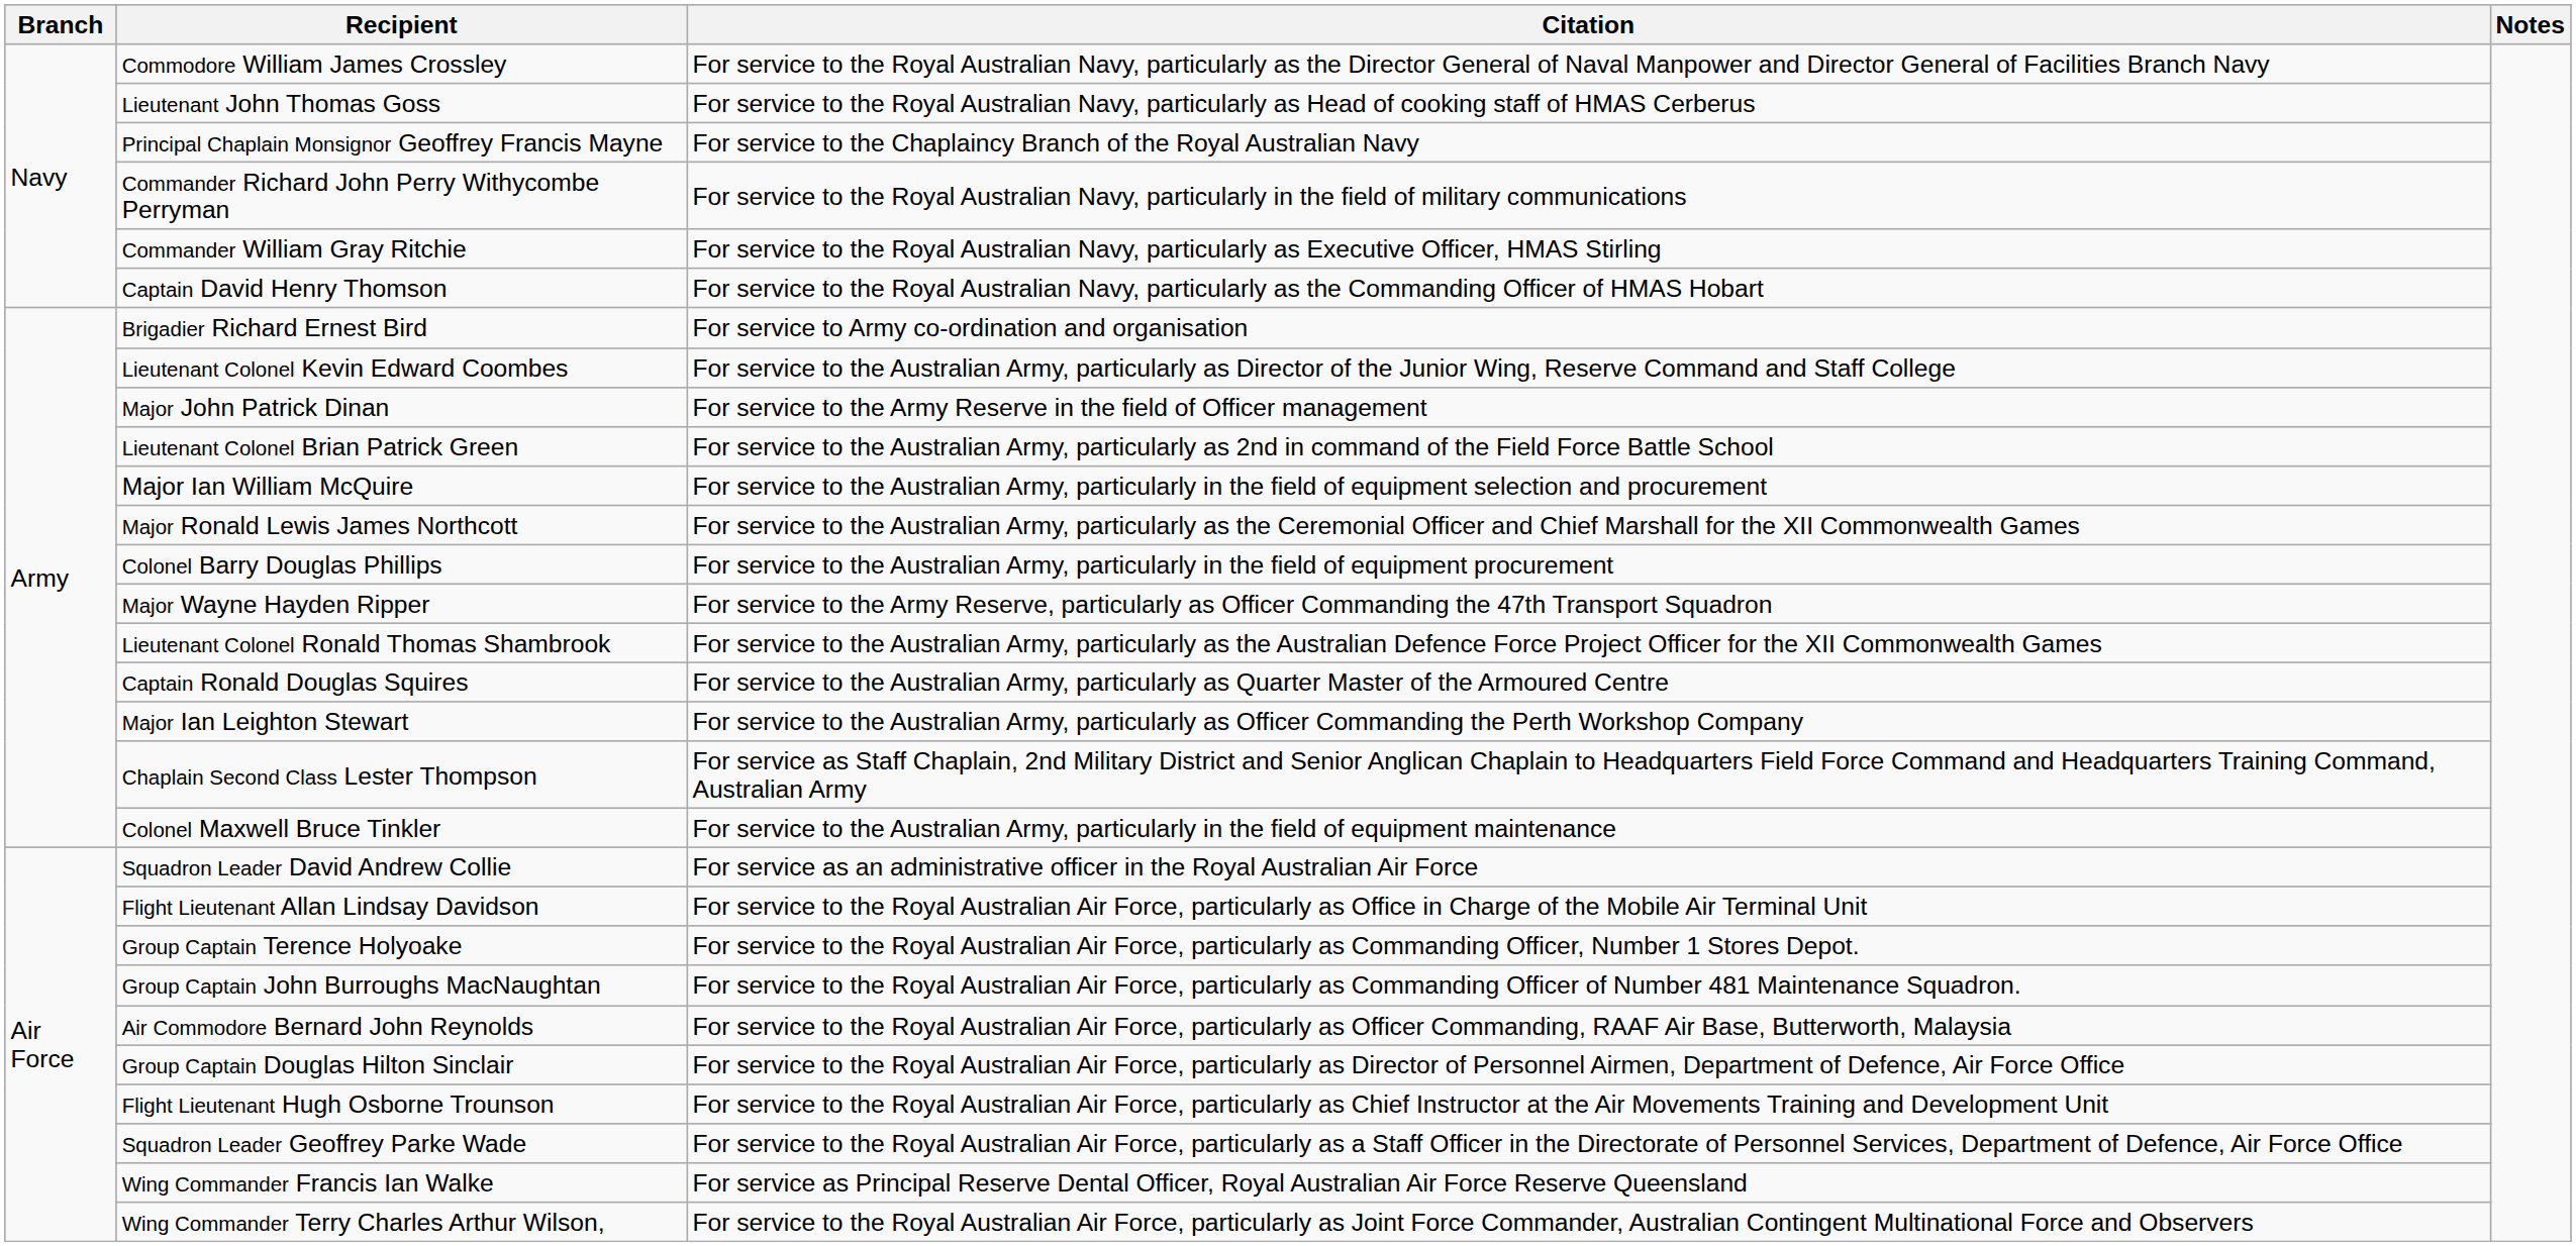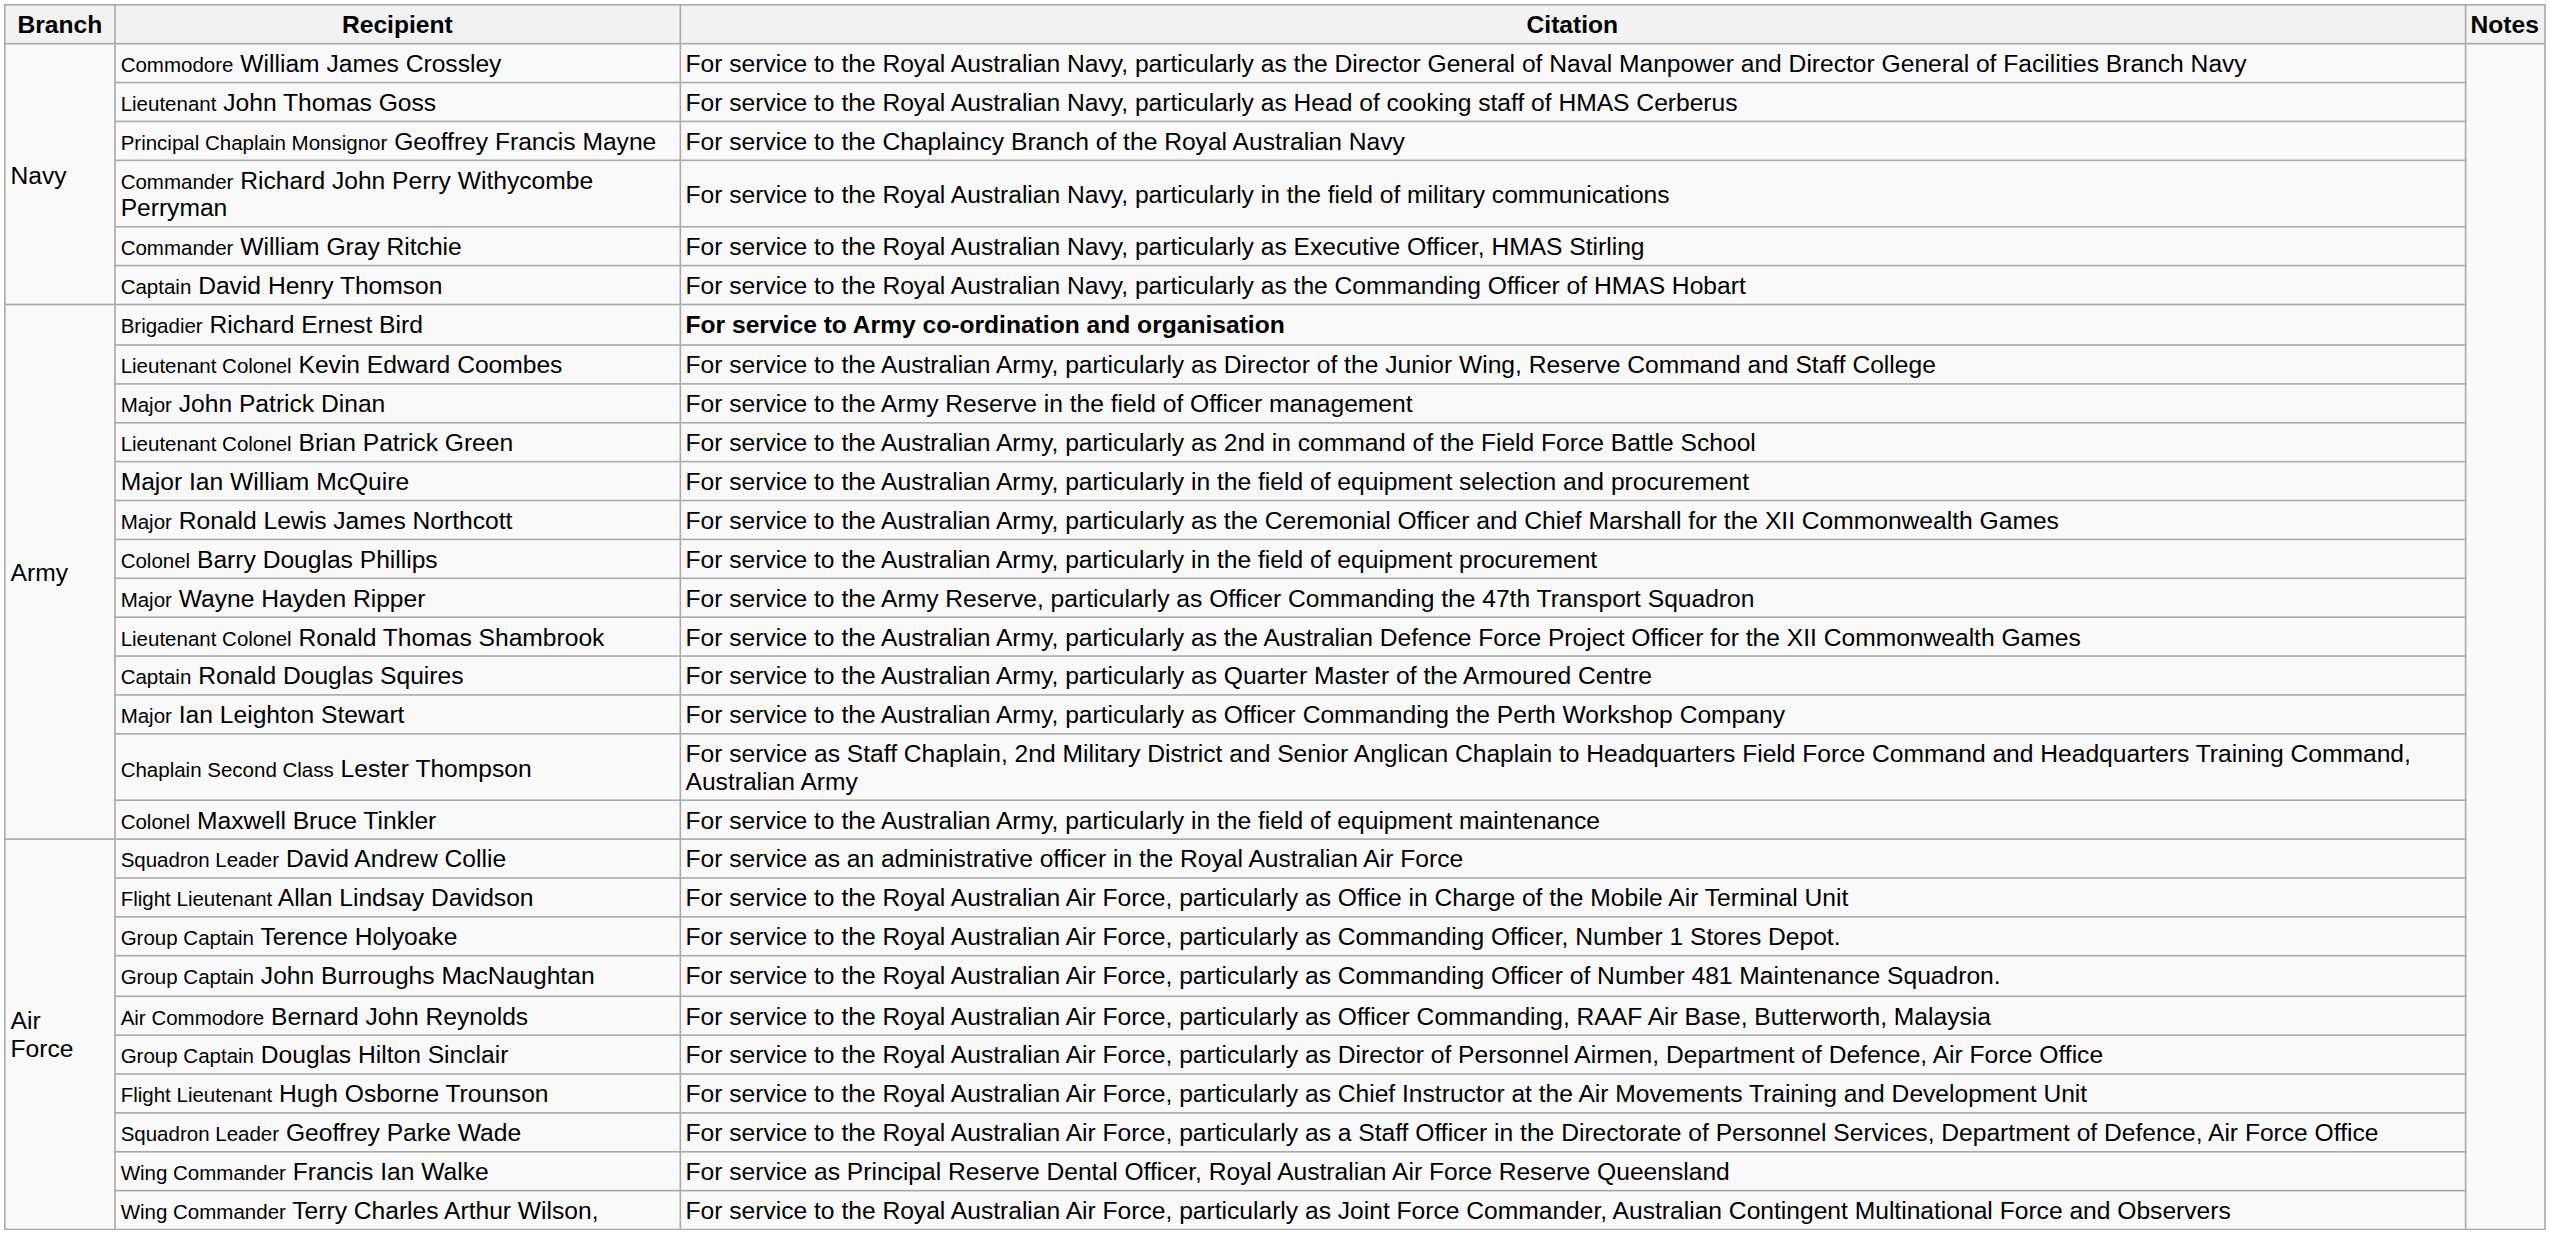 <table class="wikitable" style="font-size:95%;">
 <tr>
 <th>Branch</th>
 <th>Recipient</th>
 <th>Citation</th>
 <th>Notes</th>
 </tr>
 <tr>
 <td rowspan="6">Navy</td>
 <td><small>Commodore</small> William James Crossley</td>
 <td>For service to the Royal Australian Navy, particularly as the Director General of Naval Manpower and Director General of Facilities Branch Navy</td>
 <td rowspan="29"></td>
 </tr>
 <tr>
 <td><small>Lieutenant</small> John Thomas Goss</td>
 <td>For service to the Royal Australian Navy, particularly as Head of cooking staff of HMAS Cerberus</td>
 </tr>
 <tr>
 <td><small>Principal Chaplain Monsignor</small> Geoffrey Francis Mayne</td>
 <td>For service to the Chaplaincy Branch of the Royal Australian Navy</td>
 </tr>
 <tr>
 <td><small>Commander</small> Richard John Perry Withycombe Perryman</td>
 <td>For service to the Royal Australian Navy, particularly in the field of military communications</td>
 </tr>
 <tr>
 <td><small>Commander</small> William Gray Ritchie</td>
 <td>For service to the Royal Australian Navy, particularly as Executive Officer, HMAS Stirling</td>
 </tr>
 <tr>
 <td><small>Captain</small> David Henry Thomson</td>
 <td>For service to the Royal Australian Navy, particularly as the Commanding Officer of HMAS Hobart</td>
 </tr>
 <tr>
 <td rowspan="13">Army</td>
 <td><small>Brigadier</small> Richard Ernest Bird</td>
-<td>For service to Army co-ordination and organisation</td>
+<td><strong>For service to Army co-ordination and organisation</strong></td>
 </tr>
 <tr>
 <td><small>Lieutenant Colonel</small> Kevin Edward Coombes</td>
 <td>For service to the Australian Army, particularly as Director of the Junior Wing, Reserve Command and Staff College</td>
 </tr>
 <tr>
 <td><small>Major</small> John Patrick Dinan</td>
 <td>For service to the Army Reserve in the field of Officer management</td>
 </tr>
 <tr>
 <td><small>Lieutenant Colonel</small> Brian Patrick Green</td>
 <td>For service to the Australian Army, particularly as 2nd in command of the Field Force Battle School</td>
 </tr>
 <tr>
 <td>Major Ian William McQuire</td>
 <td>For service to the Australian Army, particularly in the field of equipment selection and procurement</td>
 </tr>
 <tr>
 <td><small>Major</small> Ronald Lewis James Northcott</td>
 <td>For service to the Australian Army, particularly as the Ceremonial Officer and Chief Marshall for the XII Commonwealth Games</td>
 </tr>
 <tr>
 <td><small>Colonel</small> Barry Douglas Phillips</td>
 <td>For service to the Australian Army, particularly in the field of equipment procurement</td>
 </tr>
 <tr>
 <td><small>Major</small> Wayne Hayden Ripper</td>
 <td>For service to the Army Reserve, particularly as Officer Commanding the 47th Transport Squadron</td>
 </tr>
 <tr>
 <td><small>Lieutenant Colonel</small> Ronald Thomas Shambrook</td>
 <td>For service to the Australian Army, particularly as the Australian Defence Force Project Officer for the XII Commonwealth Games</td>
 </tr>
 <tr>
 <td><small>Captain</small> Ronald Douglas Squires</td>
 <td>For service to the Australian Army, particularly as Quarter Master of the Armoured Centre</td>
 </tr>
 <tr>
 <td><small>Major</small> Ian Leighton Stewart</td>
 <td>For service to the Australian Army, particularly as Officer Commanding the Perth Workshop Company</td>
 </tr>
 <tr>
 <td><small>Chaplain Second Class</small> Lester Thompson</td>
 <td>For service as Staff Chaplain, 2nd Military District and Senior Anglican Chaplain to Headquarters Field Force Command and Headquarters Training Command, Australian Army</td>
 </tr>
 <tr>
 <td><small>Colonel</small> Maxwell Bruce Tinkler</td>
 <td>For service to the Australian Army, particularly in the field of equipment maintenance</td>
 </tr>
 <tr>
 <td rowspan="10">Air Force</td>
 <td><small>Squadron Leader</small> David Andrew Collie</td>
 <td>For service as an administrative officer in the Royal Australian Air Force</td>
 </tr>
 <tr>
 <td><small>Flight Lieutenant</small> Allan Lindsay Davidson</td>
 <td>For service to the Royal Australian Air Force, particularly as Office in Charge of the Mobile Air Terminal Unit</td>
 </tr>
 <tr>
 <td><small>Group Captain</small> Terence Holyoake</td>
 <td>For service to the Royal Australian Air Force, particularly as Commanding Officer, Number 1 Stores Depot.</td>
 </tr>
 <tr>
 <td><small>Group Captain</small> John Burroughs MacNaughtan</td>
 <td>For service to the Royal Australian Air Force, particularly as Commanding Officer of Number 481 Maintenance Squadron.</td>
 </tr>
 <tr>
 <td><small>Air Commodore</small> Bernard John Reynolds</td>
 <td>For service to the Royal Australian Air Force, particularly as Officer Commanding, RAAF Air Base, Butterworth, Malaysia</td>
 </tr>
 <tr>
 <td><small>Group Captain</small> Douglas Hilton Sinclair</td>
 <td>For service to the Royal Australian Air Force, particularly as Director of Personnel Airmen, Department of Defence, Air Force Office</td>
 </tr>
 <tr>
 <td><small>Flight Lieutenant</small> Hugh Osborne Trounson</td>
 <td>For service to the Royal Australian Air Force, particularly as Chief Instructor at the Air Movements Training and Development Unit</td>
 </tr>
 <tr>
 <td><small>Squadron Leader</small> Geoffrey Parke Wade</td>
 <td>For service to the Royal Australian Air Force, particularly as a Staff Officer in the Directorate of Personnel Services, Department of Defence, Air Force Office</td>
 </tr>
 <tr>
 <td><small>Wing Commander</small> Francis Ian Walke</td>
 <td>For service as Principal Reserve Dental Officer, Royal Australian Air Force Reserve Queensland</td>
 </tr>
 <tr>
 <td><small>Wing Commander</small> Terry Charles Arthur Wilson, </td>
 <td>For service to the Royal Australian Air Force, particularly as Joint Force Commander, Australian Contingent Multinational Force and Observers</td>
 </tr>
 </table>
